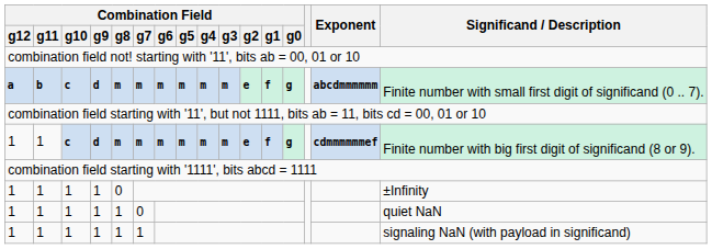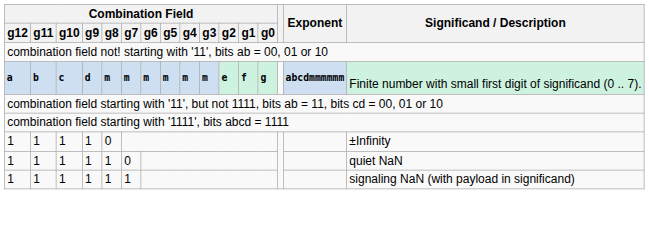 <table class="wikitable" style="text-align:left; border-width:0;">
 <tr>
 <th colspan="13">Combination Field</th>
 <th rowspan="2"></th>
 <th rowspan="2">Exponent</th>
 <th rowspan="2">Significand / Description</th>
 </tr>
 <tr>
 <th>g12</th>
 <th>g11</th>
 <th>g10</th>
 <th>g9</th>
 <th>g8</th>
 <th>g7</th>
 <th>g6</th>
 <th>g5</th>
 <th>g4</th>
 <th>g3</th>
 <th>g2</th>
 <th>g1</th>
 <th>g0</th>
 </tr>
 <tr>
 <td colspan="16">combination field not! starting with '11', bits ab = 00, 01 or 10</td>
 </tr>
 <tr>
 <td style="font-family:monospace; background:#cedff2;"><strong>a</strong></td>
 <td style="font-family:monospace; background:#cedff2;"><strong>b</strong></td>
 <td style="font-family:monospace; background:#cedff2;"><strong>c</strong></td>
 <td style="font-family:monospace; background:#cedff2;"><strong>d</strong></td>
 <td style="font-family:monospace; background:#cedff2;"><strong>m</strong></td>
 <td style="font-family:monospace; background:#cedff2;"><strong>m</strong></td>
 <td style="font-family:monospace; background:#cedff2;"><strong>m</strong></td>
 <td style="font-family:monospace; background:#cedff2;"><strong>m</strong></td>
 <td style="font-family:monospace; background:#cedff2;"><strong>m</strong></td>
 <td style="font-family:monospace; background:#cedff2;"><strong>m</strong></td>
 <td style="font-family:monospace; background:#cef2e0;"><strong>e</strong></td>
 <td style="font-family:monospace; background:#cef2e0;"><strong>f</strong></td>
 <td style="font-family:monospace; background:#cef2e0;"><strong>g</strong></td>
 <td></td>
 <td style="font-family:monospace; background:#cedff2;"><strong>abcdmmmmmm</strong></td>
 <td style="background:#cef2e0;"><br>Finite number with small first digit of significand (0 .. 7).</td>
 </tr>
 <tr>
 <td colspan="16">combination field starting with '11', but not 1111, bits ab = 11, bits cd = 00, 01 or 10</td>
 </tr>
 <tr>
-<td>1</td>
-<td>1</td>
-<td style="font-family:monospace; background:#cedff2;"><strong>c</strong></td>
-<td style="font-family:monospace; background:#cedff2;"><strong>d</strong></td>
-<td style="font-family:monospace; background:#cedff2;"><strong>m</strong></td>
-<td style="font-family:monospace; background:#cedff2;"><strong>m</strong></td>
-<td style="font-family:monospace; background:#cedff2;"><strong>m</strong></td>
-<td style="font-family:monospace; background:#cedff2;"><strong>m</strong></td>
-<td style="font-family:monospace; background:#cedff2;"><strong>m</strong></td>
-<td style="font-family:monospace; background:#cedff2;"><strong>m</strong></td>
-<td style="font-family:monospace; background:#cedff2;"><strong>e</strong></td>
-<td style="font-family:monospace; background:#cedff2;"><strong>f</strong></td>
-<td style="font-family:monospace; background:#cef2e0;"><strong>g</strong></td>
-<td></td>
-<td style="font-family:monospace; background:#cedff2;"><strong>cdmmmmmmef</strong></td>
-<td style="background:#cef2e0;"><br>Finite number with big first digit of significand (8 or 9).</td>
-</tr>
-<tr>
 <td colspan="16">combination field starting with '1111', bits abcd = 1111</td>
 </tr>
 <tr>
 <td>1</td>
 <td>1</td>
 <td>1</td>
 <td>1</td>
 <td>0</td>
 <td colspan="8"></td>
 <td rowspan="3"></td>
 <td></td>
 <td>±Infinity</td>
 </tr>
 <tr>
 <td>1</td>
 <td>1</td>
 <td>1</td>
 <td>1</td>
 <td>1</td>
 <td>0</td>
 <td colspan="7"></td>
 <td></td>
 <td>quiet NaN</td>
 </tr>
 <tr>
 <td>1</td>
 <td>1</td>
 <td>1</td>
 <td>1</td>
 <td>1</td>
 <td>1</td>
 <td colspan="7"></td>
 <td></td>
 <td>signaling NaN (with payload in significand)</td>
 </tr>
 </table>
